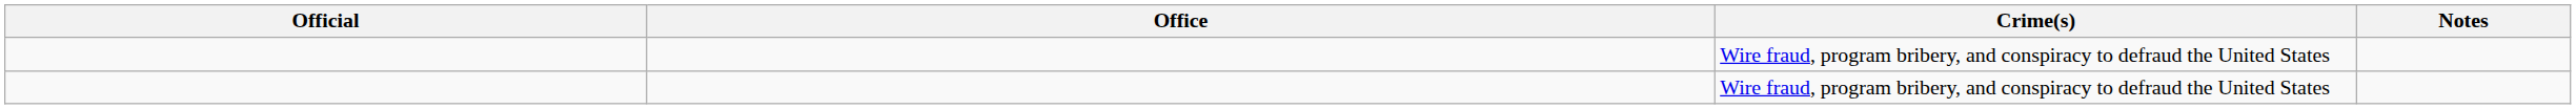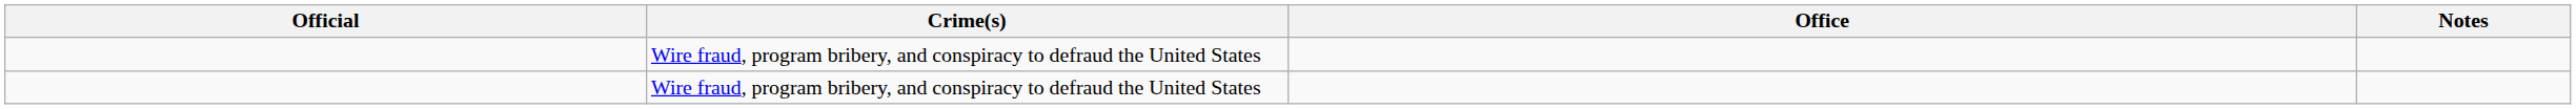 <table class="wikitable sortable">
 <tr>
 <th scope="col" style="width:15%;">Official</th>
+<th scope="col" style="width:15%;">Crime(s)</th>
 <th scope="col" style="width:25%;">Office</th>
-<th scope="col" style="width:15%;">Crime(s)</th>
 <th scope="col" class="unsortable" style="width:5%;">Notes</th>
 </tr>
 <tr>
 <td></td>
+<td><a href='#'>Wire fraud</a>, program bribery, and conspiracy to defraud the United States</td>
 <td></td>
-<td><a href='#'>Wire fraud</a>, program bribery, and conspiracy to defraud the United States</td>
 <td></td>
 </tr>
 <tr>
 <td></td>
+<td><a href='#'>Wire fraud</a>, program bribery, and conspiracy to defraud the United States</td>
 <td></td>
-<td><a href='#'>Wire fraud</a>, program bribery, and conspiracy to defraud the United States</td>
 <td></td>
 </tr>
 </table>
